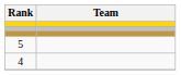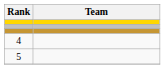 <table class="wikitable" style="text-align:center;">
 <tr>
 <th width=40>Rank</th>
 <th width=200>Team</th>
 </tr>
 <tr bgcolor="gold">
 <td></td>
 <td style="text-align:left;"></td>
 </tr>
 <tr bgcolor="silver">
 <td></td>
 <td style="text-align:left;"></td>
 </tr>
 <tr bgcolor="#C69633">
 <td></td>
 <td style="text-align:left;"></td>
 </tr>
 <tr>
-<td>5</td>
+<td>4</td>
 <td style="text-align:left;"></td>
 </tr>
 <tr>
-<td>4</td>
+<td>5</td>
 <td style="text-align:left;"></td>
 </tr>
 <tr>
 </tr>
 </table>
